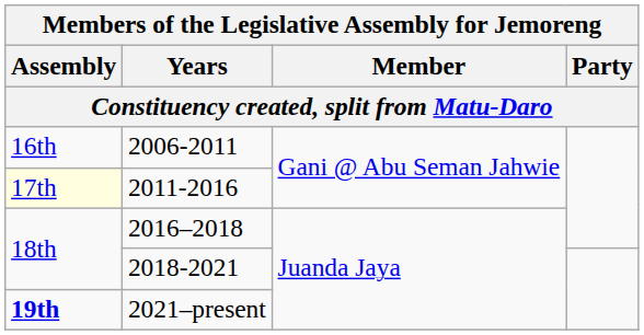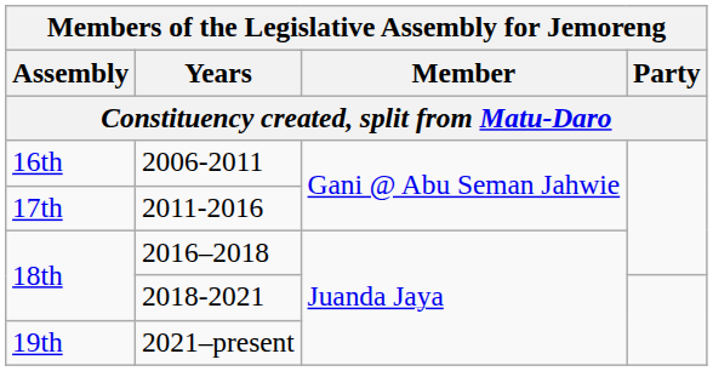 <table class=wikitable>
 <tr>
 <th colspan=5>Members of the Legislative Assembly for Jemoreng</th>
 </tr>
 <tr>
 <th>Assembly</th>
 <th>Years</th>
 <th>Member</th>
 <th>Party</th>
 </tr>
 <tr>
 <th colspan=4 align=center><em>Constituency created, split from <a href='#'>Matu-Daro</a></em></th>
 </tr>
 <tr>
 <td><a href='#'>16th</a></td>
 <td>2006-2011</td>
 <td rowspan=2><a href='#'>Gani @ Abu Seman Jahwie</a></td>
 <td rowspan=3></td>
 </tr>
 <tr>
-<td style="background: lightyellow;"><a href='#'>17th</a></td>
+<td><a href='#'>17th</a></td>
 <td>2011-2016</td>
 </tr>
 <tr>
 <td rowspan="2"><a href='#'>18th</a></td>
 <td>2016–2018</td>
 <td rowspan="3"><a href='#'>Juanda Jaya</a></td>
 </tr>
 <tr>
 <td>2018-2021</td>
 <td rowspan="2"></td>
 </tr>
 <tr>
-<td><strong><a href='#'>19th</a></strong></td>
+<td><a href='#'>19th</a></td>
 <td>2021–present</td>
 </tr>
 </table>
